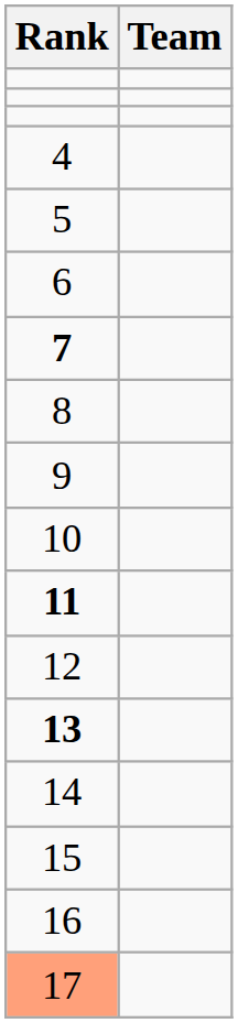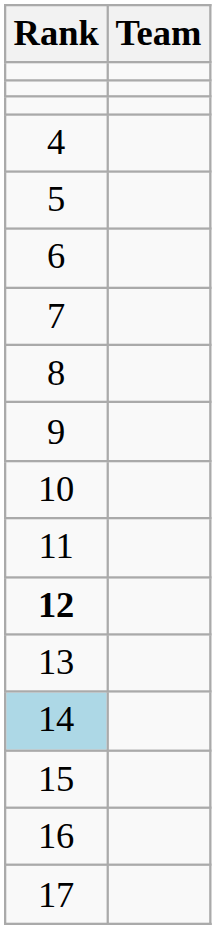 <table class="wikitable">
 <tr>
 <th>Rank</th>
 <th>Team</th>
 </tr>
 <tr>
 <td align=center></td>
 <td></td>
 </tr>
 <tr>
 <td align=center></td>
 <td></td>
 </tr>
 <tr>
 <td align=center></td>
 <td></td>
 </tr>
 <tr>
 <td align=center>4</td>
 <td></td>
 </tr>
 <tr>
 <td align=center>5</td>
 <td></td>
 </tr>
 <tr>
 <td align=center>6</td>
 <td></td>
 </tr>
 <tr>
-<td align=center><strong>7</strong></td>
+<td align=center>7</td>
 <td></td>
 </tr>
 <tr>
 <td align=center>8</td>
 <td></td>
 </tr>
 <tr>
 <td align=center>9</td>
 <td></td>
 </tr>
 <tr>
 <td align=center>10</td>
 <td></td>
 </tr>
 <tr>
-<td align=center><strong>11</strong></td>
+<td align=center>11</td>
 <td></td>
 </tr>
 <tr>
-<td align=center>12</td>
+<td align=center><strong>12</strong></td>
 <td></td>
 </tr>
 <tr>
-<td align=center><strong>13</strong></td>
+<td align=center>13</td>
 <td></td>
 </tr>
 <tr>
-<td align=center>14</td>
+<td align=center style="background: lightblue;">14</td>
 <td></td>
 </tr>
 <tr>
 <td align=center>15</td>
 <td></td>
 </tr>
 <tr>
 <td align=center>16</td>
 <td></td>
 </tr>
 <tr>
-<td align=center style="background: lightsalmon;">17</td>
+<td align=center>17</td>
 <td></td>
 </tr>
 <tr>
 </tr>
 </table>
